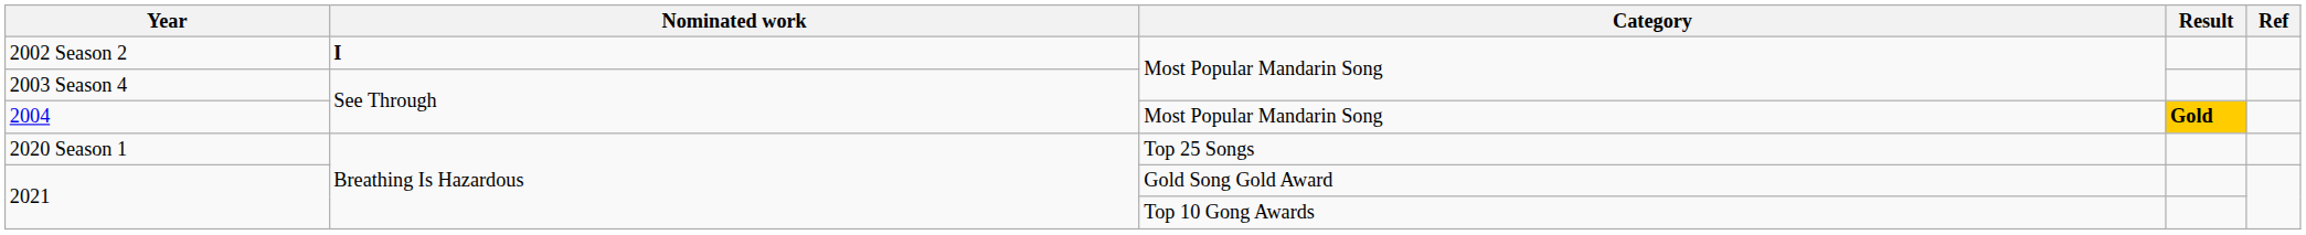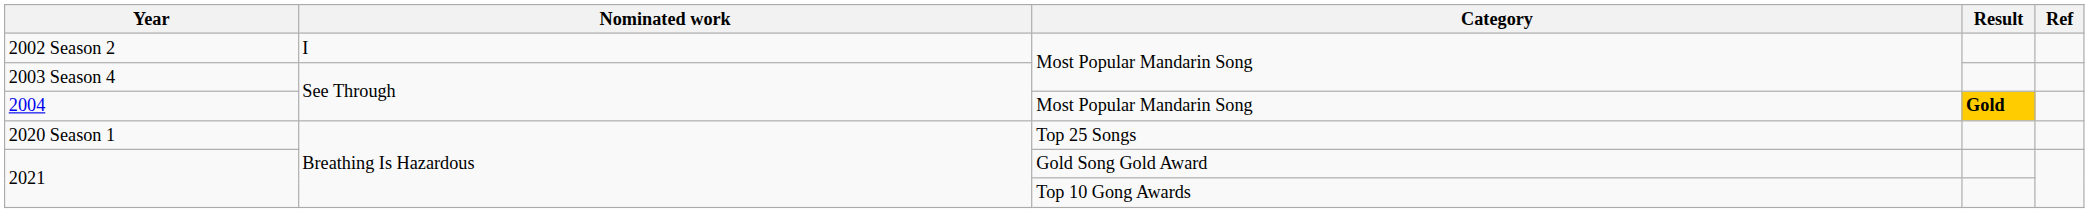 <table class="wikitable"  width="92%">
 <tr>
 <th width="12%">Year</th>
 <th width="30%">Nominated work</th>
 <th width="38%">Category</th>
 <th width="3%">Result</th>
 <th width="2%">Ref</th>
 </tr>
 <tr>
 <td>2002 Season 2</td>
-<td><strong>I</strong></td>
+<td>I</td>
 <td rowspan=2>Most Popular Mandarin Song</td>
 <td></td>
 </tr>
 <tr>
 <td>2003 Season 4</td>
 <td rowspan=2>See Through</td>
 <td></td>
 <td></td>
 </tr>
 <tr>
 <td><a href='#'>2004</a></td>
 <td>Most Popular Mandarin Song</td>
 <td style="background:#fc0;"><strong><div>Gold</div></strong></td>
 <td></td>
 </tr>
 <tr>
 <td>2020 Season 1</td>
 <td rowspan=3>Breathing Is Hazardous</td>
 <td>Top 25 Songs</td>
 <td></td>
 <td></td>
 </tr>
 <tr>
 <td rowspan=2>2021</td>
 <td>Gold Song Gold Award</td>
 <td></td>
 <td rowspan=2></td>
 </tr>
 <tr>
 <td>Top 10 Gong Awards</td>
 <td></td>
 </tr>
 </table>
